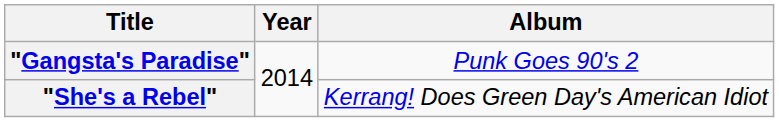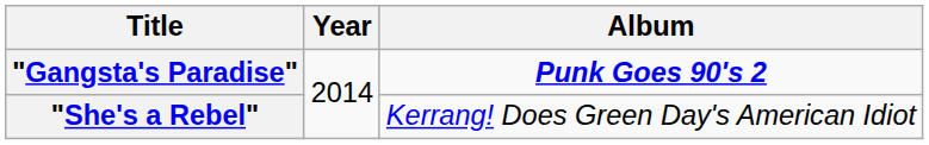 <table class="wikitable plainrowheaders" style="text-align:center;">
 <tr>
 <th scope="col">Title</th>
 <th scope="col">Year</th>
 <th scope="col">Album</th>
 </tr>
 <tr>
 <th scope="row">"<a href='#'>Gangsta's Paradise</a>"<br></th>
 <td rowspan=2>2014</td>
-<td><em><a href='#'>Punk Goes 90's 2</a></em></td>
+<td><strong><em><a href='#'>Punk Goes 90's 2</a></em></strong></td>
 </tr>
 <tr>
 <th scope="row">"<a href='#'>She's a Rebel</a>"<br></th>
 <td><em><a href='#'>Kerrang!</a> Does Green Day's American Idiot</em></td>
 </tr>
 </table>
